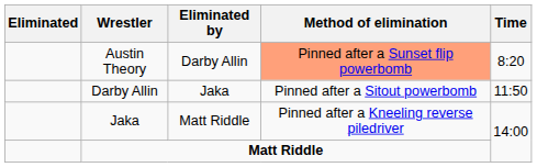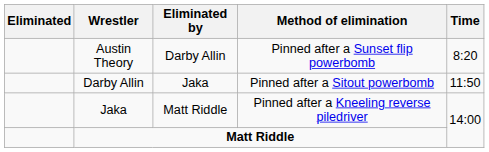 <table class="wikitable sortable" style="text-align:center;">
 <tr>
 <th>Eliminated</th>
 <th>Wrestler</th>
 <th>Eliminated by</th>
 <th>Method of elimination</th>
 <th>Time</th>
 </tr>
 <tr>
 <td></td>
 <td>Austin Theory</td>
 <td>Darby Allin</td>
-<td style="background: lightsalmon;">Pinned after a <a href='#'>Sunset flip powerbomb</a></td>
+<td>Pinned after a <a href='#'>Sunset flip powerbomb</a></td>
 <td>8:20</td>
 </tr>
 <tr>
 <td></td>
 <td>Darby Allin</td>
 <td>Jaka</td>
 <td>Pinned after a <a href='#'>Sitout powerbomb</a></td>
 <td>11:50</td>
 </tr>
 <tr>
 <td></td>
 <td>Jaka</td>
 <td>Matt Riddle</td>
 <td>Pinned after a <a href='#'>Kneeling reverse piledriver</a></td>
 <td rowspan="2">14:00</td>
 </tr>
 <tr>
 <td><strong></strong></td>
 <td colspan=3><strong>Matt Riddle</strong></td>
 </tr>
 </table>
